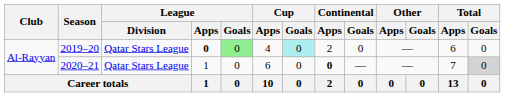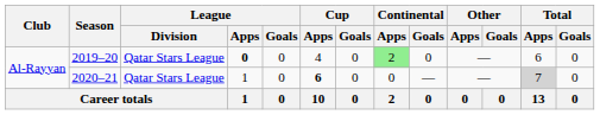 <table class="wikitable" style="text-align: center">
 <tr>
 <th rowspan="2">Club</th>
 <th rowspan="2">Season</th>
 <th colspan="3">League</th>
 <th colspan="2">Cup</th>
 <th colspan="2">Continental</th>
 <th colspan="2">Other</th>
 <th colspan="2">Total</th>
 </tr>
 <tr>
 <th>Division</th>
 <th>Apps</th>
 <th>Goals</th>
 <th>Apps</th>
 <th>Goals</th>
 <th>Apps</th>
 <th>Goals</th>
 <th>Apps</th>
 <th>Goals</th>
 <th>Apps</th>
 <th>Goals</th>
 </tr>
 <tr>
 <td rowspan=2><a href='#'>Al-Rayyan</a></td>
 <td><a href='#'>2019–20</a></td>
 <td><a href='#'>Qatar Stars League</a></td>
 <td><strong>0</strong></td>
-<td style="background: lightgreen;">0</td>
+<td>0</td>
 <td>4</td>
-<td style="background: paleturquoise;">0</td>
-<td>2</td>
+<td>0</td>
+<td style="background: lightgreen;">2</td>
 <td>0</td>
 <td colspan="2">—</td>
 <td>6</td>
 <td>0</td>
 </tr>
 <tr>
 <td><a href='#'>2020–21</a></td>
 <td><a href='#'>Qatar Stars League</a></td>
 <td>1</td>
 <td>0</td>
-<td>6</td>
+<td><strong>6</strong></td>
 <td>0</td>
-<td><strong>0</strong></td>
+<td>0</td>
 <td 0>—</td>
 <td colspan="2">—</td>
-<td>7</td>
-<td style="background: lightgrey;">0</td>
+<td style="background: lightgrey;">7</td>
+<td>0</td>
 </tr>
 <tr>
 <th colspan=3>Career totals</th>
 <th>1</th>
 <th>0</th>
 <th>10</th>
 <th>0</th>
 <th>2</th>
 <th>0</th>
 <th>0</th>
 <th>0</th>
 <th>13</th>
 <th>0</th>
 </tr>
 </table>
